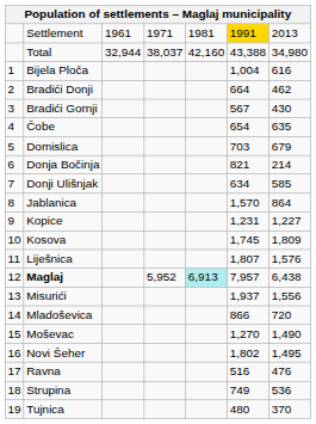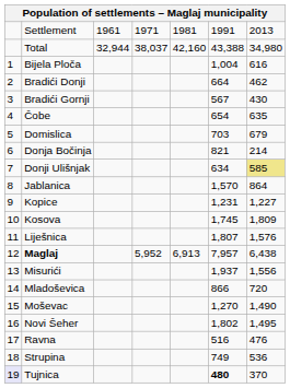 <table class="wikitable">
 <tr>
 <th colspan="7">Population of settlements – Maglaj municipality</th>
 </tr>
 <tr>
 <td></td>
 <td>Settlement</td>
 <td>1961</td>
 <td>1971</td>
 <td>1981</td>
-<td style="background: gold;">1991</td>
+<td>1991</td>
 <td>2013</td>
 </tr>
 <tr>
 <td></td>
 <td>Total</td>
 <td>32,944</td>
 <td>38,037</td>
 <td>42,160</td>
 <td>43,388</td>
 <td>34,980</td>
 </tr>
 <tr>
 <td>1</td>
 <td>Bijela Ploča</td>
 <td></td>
 <td></td>
 <td></td>
 <td>1,004</td>
 <td>616</td>
 </tr>
 <tr>
 <td>2</td>
 <td>Bradići Donji</td>
 <td></td>
 <td></td>
 <td></td>
 <td>664</td>
 <td>462</td>
 </tr>
 <tr>
 <td>3</td>
 <td>Bradići Gornji</td>
 <td></td>
 <td></td>
 <td></td>
 <td>567</td>
 <td>430</td>
 </tr>
 <tr>
 <td>4</td>
 <td>Čobe</td>
 <td></td>
 <td></td>
 <td></td>
 <td>654</td>
 <td>635</td>
 </tr>
 <tr>
 <td>5</td>
 <td>Domislica</td>
 <td></td>
 <td></td>
 <td></td>
 <td>703</td>
 <td>679</td>
 </tr>
 <tr>
 <td>6</td>
 <td>Donja Bočinja</td>
 <td></td>
 <td></td>
 <td></td>
 <td>821</td>
 <td>214</td>
 </tr>
 <tr>
 <td>7</td>
 <td>Donji Ulišnjak</td>
 <td></td>
 <td></td>
 <td></td>
 <td>634</td>
-<td>585</td>
+<td style="background: khaki;">585</td>
 </tr>
 <tr>
 <td>8</td>
 <td>Jablanica</td>
 <td></td>
 <td></td>
 <td></td>
 <td>1,570</td>
 <td>864</td>
 </tr>
 <tr>
 <td>9</td>
 <td>Kopice</td>
 <td></td>
 <td></td>
 <td></td>
 <td>1,231</td>
 <td>1,227</td>
 </tr>
 <tr>
 <td>10</td>
 <td>Kosova</td>
 <td></td>
 <td></td>
 <td></td>
 <td>1,745</td>
 <td>1,809</td>
 </tr>
 <tr>
 <td>11</td>
 <td>Liješnica</td>
 <td></td>
 <td></td>
 <td></td>
 <td>1,807</td>
 <td>1,576</td>
 </tr>
 <tr>
 <td>12</td>
 <td><strong>Maglaj</strong></td>
 <td></td>
 <td>5,952</td>
-<td style="background: paleturquoise;">6,913</td>
+<td>6,913</td>
 <td>7,957</td>
 <td>6,438</td>
 </tr>
 <tr>
 <td>13</td>
 <td>Misurići</td>
 <td></td>
 <td></td>
 <td></td>
 <td>1,937</td>
 <td>1,556</td>
 </tr>
 <tr>
 <td>14</td>
 <td>Mladoševica</td>
 <td></td>
 <td></td>
 <td></td>
 <td>866</td>
 <td>720</td>
 </tr>
 <tr>
 <td>15</td>
 <td>Moševac</td>
 <td></td>
 <td></td>
 <td></td>
 <td>1,270</td>
 <td>1,490</td>
 </tr>
 <tr>
 <td>16</td>
 <td>Novi Šeher</td>
 <td></td>
 <td></td>
 <td></td>
 <td>1,802</td>
 <td>1,495</td>
 </tr>
 <tr>
 <td>17</td>
 <td>Ravna</td>
 <td></td>
 <td></td>
 <td></td>
 <td>516</td>
 <td>476</td>
 </tr>
 <tr>
 <td>18</td>
 <td>Strupina</td>
 <td></td>
 <td></td>
 <td></td>
 <td>749</td>
 <td>536</td>
 </tr>
 <tr>
-<td>19</td>
+<td style="background: lavender;">19</td>
 <td>Tujnica</td>
 <td></td>
 <td></td>
 <td></td>
-<td>480</td>
+<td><strong>480</strong></td>
 <td>370</td>
 </tr>
 </table>
